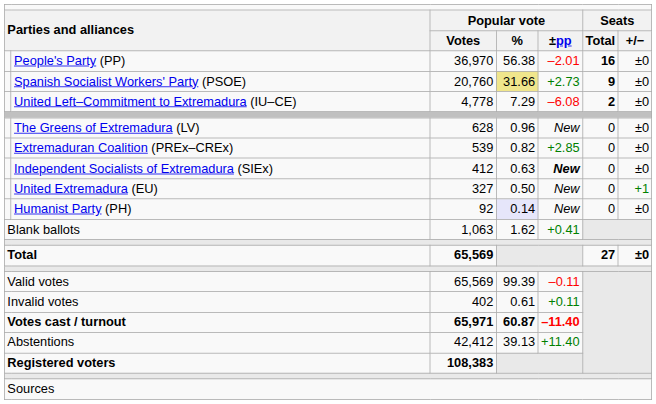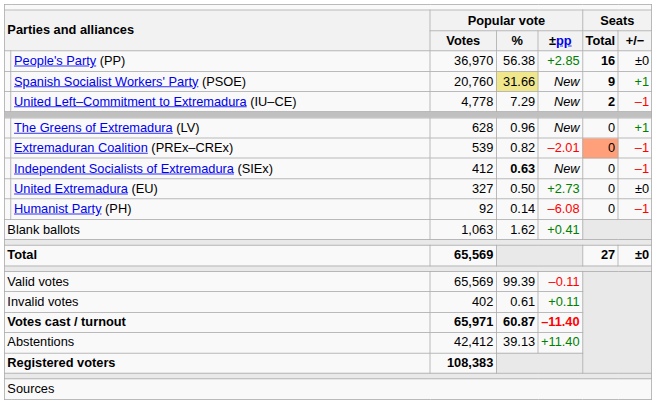 <table class="wikitable" style="text-align:right;">
 <tr>
 <td colspan="7"></td>
 </tr>
 <tr>
 <th style="text-align:left;" rowspan="2" colspan="2" width="525">Parties and alliances</th>
 <th colspan="3">Popular vote</th>
 <th colspan="2">Seats</th>
 </tr>
 <tr>
 <th width="75">Votes</th>
 <th width="45">%</th>
 <th width="45">±<a href='#'>pp</a></th>
 <th width="35">Total</th>
 <th width="35">+/−</th>
 </tr>
 <tr>
 <td width="1" style="color:inherit;background:"></td>
 <td align="left"><a href='#'>People's Party</a> (PP)</td>
 <td>36,970</td>
 <td>56.38</td>
-<td style="color:red;">–2.01</td>
+<td style="color:green;">+2.85</td>
 <td><strong>16</strong></td>
 <td>±0</td>
 </tr>
 <tr>
 <td style="color:inherit;background:"></td>
 <td align="left"><a href='#'>Spanish Socialist Workers' Party</a> (PSOE)</td>
 <td>20,760</td>
 <td style="background: khaki;">31.66</td>
-<td style="color:green;">+2.73</td>
+<td><em>New</em></td>
 <td><strong>9</strong></td>
-<td>±0</td>
+<td style="color:green;">+1</td>
 </tr>
 <tr>
 <td style="color:inherit;background:"></td>
 <td align="left"><a href='#'>United Left–Commitment to Extremadura</a> (IU–CE)</td>
 <td>4,778</td>
 <td>7.29</td>
-<td style="color:red;">–6.08</td>
+<td><em>New</em></td>
 <td><strong>2</strong></td>
-<td>±0</td>
+<td style="color:red;">–1</td>
 </tr>
 <tr>
 <td colspan="7" bgcolor="#C0C0C0"></td>
 </tr>
 <tr>
 <td style="color:inherit;background:"></td>
 <td align="left"><a href='#'>The Greens of Extremadura</a> (LV)</td>
 <td>628</td>
 <td>0.96</td>
 <td><em>New</em></td>
 <td>0</td>
-<td>±0</td>
+<td style="color:green;">+1</td>
 </tr>
 <tr>
 <td style="color:inherit;background:"></td>
 <td align="left"><a href='#'>Extremaduran Coalition</a> (PREx–CREx)</td>
 <td>539</td>
 <td>0.82</td>
-<td style="color:green;">+2.85</td>
-<td>0</td>
-<td>±0</td>
+<td style="color:red;">–2.01</td>
+<td style="background: lightsalmon;">0</td>
+<td style="color:red;">–1</td>
 </tr>
 <tr>
 <td style="color:inherit;background:"></td>
 <td align="left"><a href='#'>Independent Socialists of Extremadura</a> (SIEx)</td>
 <td>412</td>
-<td>0.63</td>
-<td><strong><em>New</em></strong></td>
+<td><strong>0.63</strong></td>
+<td><em>New</em></td>
 <td>0</td>
-<td>±0</td>
+<td style="color:red;">–1</td>
 </tr>
 <tr>
 <td style="color:inherit;background:"></td>
 <td align="left"><a href='#'>United Extremadura</a> (EU)</td>
 <td>327</td>
 <td>0.50</td>
-<td><em>New</em></td>
+<td style="color:green;">+2.73</td>
 <td>0</td>
-<td style="color:green;">+1</td>
+<td>±0</td>
 </tr>
 <tr>
 <td style="color:inherit;background:"></td>
 <td align="left"><a href='#'>Humanist Party</a> (PH)</td>
 <td>92</td>
-<td style="background: lavender;">0.14</td>
-<td><em>New</em></td>
+<td>0.14</td>
+<td style="color:red;">–6.08</td>
 <td>0</td>
-<td>±0</td>
+<td style="color:red;">–1</td>
 </tr>
 <tr>
 <td align="left" colspan="2">Blank ballots</td>
 <td>1,063</td>
 <td>1.62</td>
 <td style="color:green;">+0.41</td>
 <td bgcolor="#E9E9E9" colspan="2"></td>
 </tr>
 <tr>
 <td colspan="7" bgcolor="#E9E9E9"></td>
 </tr>
 <tr style="font-weight:bold;">
 <td align="left" colspan="2">Total</td>
 <td>65,569</td>
 <td bgcolor="#E9E9E9" colspan="2"></td>
 <td>27</td>
 <td>±0</td>
 </tr>
 <tr>
 <td colspan="7" bgcolor="#E9E9E9"></td>
 </tr>
 <tr>
 <td align="left" colspan="2">Valid votes</td>
 <td>65,569</td>
 <td>99.39</td>
 <td style="color:red;">–0.11</td>
 <td bgcolor="#E9E9E9" colspan="2" rowspan="5"></td>
 </tr>
 <tr>
 <td align="left" colspan="2">Invalid votes</td>
 <td>402</td>
 <td>0.61</td>
 <td style="color:green;">+0.11</td>
 </tr>
 <tr style="font-weight:bold;">
 <td align="left" colspan="2">Votes cast / turnout</td>
 <td>65,971</td>
 <td>60.87</td>
 <td style="color:red;">–11.40</td>
 </tr>
 <tr>
 <td align="left" colspan="2">Abstentions</td>
 <td>42,412</td>
 <td>39.13</td>
 <td style="color:green;">+11.40</td>
 </tr>
 <tr style="font-weight:bold;">
 <td align="left" colspan="2">Registered voters</td>
 <td>108,383</td>
 <td bgcolor="#E9E9E9" colspan="2"></td>
 </tr>
 <tr>
 <td colspan="7" bgcolor="#E9E9E9"></td>
 </tr>
 <tr>
 <td align="left" colspan="7">Sources</td>
 </tr>
 </table>
